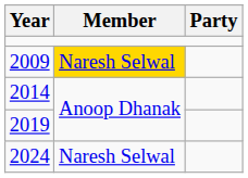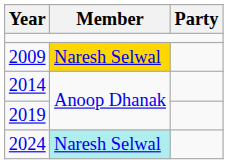 <table class="wikitable">
 <tr>
 <th>Year</th>
 <th>Member</th>
 <th colspan=2>Party</th>
 </tr>
 <tr>
 <td colspan=4></td>
 </tr>
 <tr>
 <td><a href='#'>2009</a></td>
 <td style="background: gold;"><a href='#'>Naresh Selwal</a></td>
 <td></td>
 </tr>
 <tr>
 <td><a href='#'>2014</a></td>
 <td rowspan=2><a href='#'>Anoop Dhanak</a></td>
 <td></td>
 </tr>
 <tr>
 <td><a href='#'>2019</a></td>
 <td></td>
 </tr>
 <tr>
 <td><a href='#'>2024</a></td>
-<td><a href='#'>Naresh Selwal</a></td>
+<td style="background: paleturquoise;"><a href='#'>Naresh Selwal</a></td>
 <td></td>
 </tr>
 </table>
